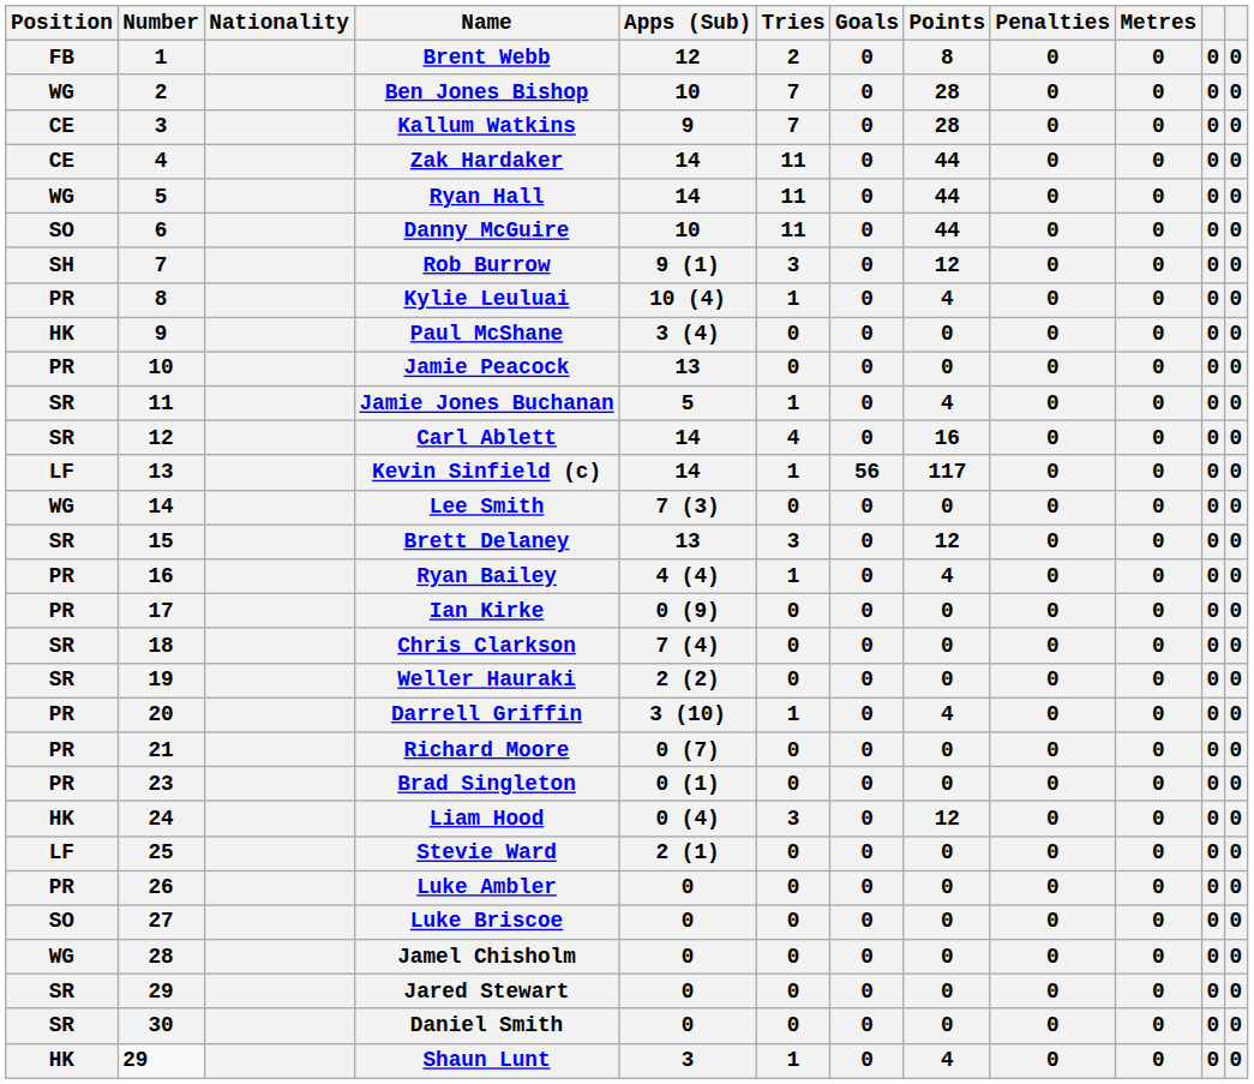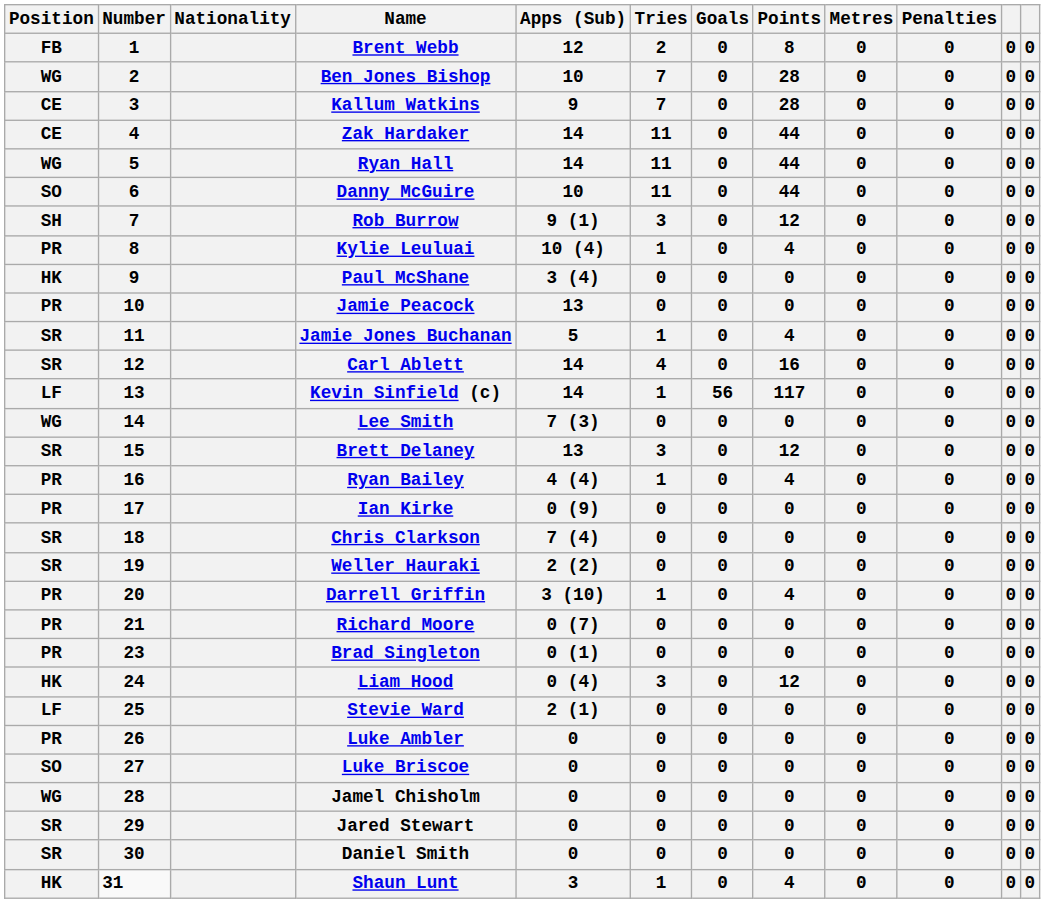 <table class="wikitable">
 <tr>
 <th>Position</th>
 <th>Number</th>
 <th>Nationality</th>
 <th>Name</th>
 <th>Apps (Sub)</th>
 <th>Tries</th>
 <th>Goals</th>
 <th>Points</th>
+<th>Metres</th>
 <th>Penalties</th>
-<th>Metres</th>
 <th></th>
 <th></th>
 </tr>
 <tr>
 <th>FB</th>
 <th><strong>1</strong></th>
 <th></th>
 <th><a href='#'>Brent Webb</a></th>
 <th>12</th>
 <th>2</th>
 <th>0</th>
 <th>8</th>
 <th>0</th>
 <th>0</th>
 <th>0</th>
 <th>0</th>
 </tr>
 <tr>
 <th>WG</th>
 <th><strong>2</strong></th>
 <th></th>
 <th><a href='#'>Ben Jones Bishop</a></th>
 <th>10</th>
 <th>7</th>
 <th>0</th>
 <th>28</th>
 <th>0</th>
 <th>0</th>
 <th>0</th>
 <th>0</th>
 </tr>
 <tr>
 <th>CE</th>
 <th><strong>3</strong></th>
 <th></th>
 <th><a href='#'>Kallum Watkins</a></th>
 <th>9</th>
 <th>7</th>
 <th>0</th>
 <th>28</th>
 <th>0</th>
 <th>0</th>
 <th>0</th>
 <th>0</th>
 </tr>
 <tr>
 <th>CE</th>
 <th><strong>4</strong></th>
 <th></th>
 <th><a href='#'>Zak Hardaker</a></th>
 <th>14</th>
 <th>11</th>
 <th>0</th>
 <th>44</th>
 <th>0</th>
 <th>0</th>
 <th>0</th>
 <th>0</th>
 </tr>
 <tr>
 <th>WG</th>
 <th><strong>5</strong></th>
 <th></th>
 <th><a href='#'>Ryan Hall</a></th>
 <th>14</th>
 <th>11</th>
 <th>0</th>
 <th>44</th>
 <th>0</th>
 <th>0</th>
 <th>0</th>
 <th>0</th>
 </tr>
 <tr>
 <th>SO</th>
 <th><strong>6</strong></th>
 <th></th>
 <th><a href='#'>Danny McGuire</a></th>
 <th>10</th>
 <th>11</th>
 <th>0</th>
 <th>44</th>
 <th>0</th>
 <th>0</th>
 <th>0</th>
 <th>0</th>
 </tr>
 <tr>
 <th>SH</th>
 <th><strong>7</strong></th>
 <th></th>
 <th><a href='#'>Rob Burrow</a></th>
 <th>9 (1)</th>
 <th>3</th>
 <th>0</th>
 <th>12</th>
 <th>0</th>
 <th>0</th>
 <th>0</th>
 <th>0</th>
 </tr>
 <tr>
 <th>PR</th>
 <th><strong>8</strong></th>
 <th></th>
 <th><a href='#'>Kylie Leuluai</a></th>
 <th>10 (4)</th>
 <th>1</th>
 <th>0</th>
 <th>4</th>
 <th>0</th>
 <th>0</th>
 <th>0</th>
 <th>0</th>
 </tr>
 <tr>
 <th>HK</th>
 <th><strong>9</strong></th>
 <th></th>
 <th><a href='#'>Paul McShane</a></th>
 <th>3 (4)</th>
 <th>0</th>
 <th>0</th>
 <th>0</th>
 <th>0</th>
 <th>0</th>
 <th>0</th>
 <th>0</th>
 </tr>
 <tr>
 <th>PR</th>
 <th><strong>10</strong></th>
 <th></th>
 <th><a href='#'>Jamie Peacock</a></th>
 <th>13</th>
 <th>0</th>
 <th>0</th>
 <th>0</th>
 <th>0</th>
 <th>0</th>
 <th>0</th>
 <th>0</th>
 </tr>
 <tr>
 <th>SR</th>
 <th><strong>11</strong></th>
 <th></th>
 <th><a href='#'>Jamie Jones Buchanan</a></th>
 <th>5</th>
 <th>1</th>
 <th>0</th>
 <th>4</th>
 <th>0</th>
 <th>0</th>
 <th>0</th>
 <th>0</th>
 </tr>
 <tr>
 <th>SR</th>
 <th><strong>12</strong></th>
 <th></th>
 <th><a href='#'>Carl Ablett</a></th>
 <th>14</th>
 <th>4</th>
 <th>0</th>
 <th>16</th>
 <th>0</th>
 <th>0</th>
 <th>0</th>
 <th>0</th>
 </tr>
 <tr>
 <th>LF</th>
 <th><strong>13</strong></th>
 <th></th>
 <th><a href='#'>Kevin Sinfield</a> (c)</th>
 <th>14</th>
 <th>1</th>
 <th>56</th>
 <th>117</th>
 <th>0</th>
 <th>0</th>
 <th>0</th>
 <th>0</th>
 </tr>
 <tr>
 <th>WG</th>
 <th><strong>14</strong></th>
 <th></th>
 <th><a href='#'>Lee Smith</a></th>
 <th>7 (3)</th>
 <th>0</th>
 <th>0</th>
 <th>0</th>
 <th>0</th>
 <th>0</th>
 <th>0</th>
 <th>0</th>
 </tr>
 <tr>
 <th>SR</th>
 <th><strong>15</strong></th>
 <th></th>
 <th><a href='#'>Brett Delaney</a></th>
 <th>13</th>
 <th>3</th>
 <th>0</th>
 <th>12</th>
 <th>0</th>
 <th>0</th>
 <th>0</th>
 <th>0</th>
 </tr>
 <tr>
 <th>PR</th>
 <th><strong>16</strong></th>
 <th></th>
 <th><a href='#'>Ryan Bailey</a></th>
 <th>4 (4)</th>
 <th>1</th>
 <th>0</th>
 <th>4</th>
 <th>0</th>
 <th>0</th>
 <th>0</th>
 <th>0</th>
 </tr>
 <tr>
 <th>PR</th>
 <th><strong>17</strong></th>
 <th></th>
 <th><a href='#'>Ian Kirke</a></th>
 <th>0 (9)</th>
 <th>0</th>
 <th>0</th>
 <th>0</th>
 <th>0</th>
 <th>0</th>
 <th>0</th>
 <th>0</th>
 </tr>
 <tr>
 <th>SR</th>
 <th><strong>18</strong></th>
 <th></th>
 <th><a href='#'>Chris Clarkson</a></th>
 <th>7 (4)</th>
 <th>0</th>
 <th>0</th>
 <th>0</th>
 <th>0</th>
 <th>0</th>
 <th>0</th>
 <th>0</th>
 </tr>
 <tr>
 <th>SR</th>
 <th><strong>19</strong></th>
 <th></th>
 <th><a href='#'>Weller Hauraki</a></th>
 <th>2 (2)</th>
 <th>0</th>
 <th>0</th>
 <th>0</th>
 <th>0</th>
 <th>0</th>
 <th>0</th>
 <th>0</th>
 </tr>
 <tr>
 <th>PR</th>
 <th><strong>20</strong></th>
 <th></th>
 <th><a href='#'>Darrell Griffin</a></th>
 <th>3 (10)</th>
 <th>1</th>
 <th>0</th>
 <th>4</th>
 <th>0</th>
 <th>0</th>
 <th>0</th>
 <th>0</th>
 </tr>
 <tr>
 <th>PR</th>
 <th><strong>21</strong></th>
 <th></th>
 <th><a href='#'>Richard Moore</a></th>
 <th>0 (7)</th>
 <th>0</th>
 <th>0</th>
 <th>0</th>
 <th>0</th>
 <th>0</th>
 <th>0</th>
 <th>0</th>
 </tr>
 <tr>
 <th>PR</th>
 <th><strong>23</strong></th>
 <th></th>
 <th><a href='#'>Brad Singleton</a></th>
 <th>0 (1)</th>
 <th>0</th>
 <th>0</th>
 <th>0</th>
 <th>0</th>
 <th>0</th>
 <th>0</th>
 <th>0</th>
 </tr>
 <tr>
 <th>HK</th>
 <th><strong>24</strong></th>
 <th></th>
 <th><a href='#'>Liam Hood</a></th>
 <th>0 (4)</th>
 <th>3</th>
 <th>0</th>
 <th>12</th>
 <th>0</th>
 <th>0</th>
 <th>0</th>
 <th>0</th>
 </tr>
 <tr>
 <th>LF</th>
 <th><strong>25</strong></th>
 <th></th>
 <th><a href='#'>Stevie Ward</a></th>
 <th>2 (1)</th>
 <th>0</th>
 <th>0</th>
 <th>0</th>
 <th>0</th>
 <th>0</th>
 <th>0</th>
 <th>0</th>
 </tr>
 <tr>
 <th>PR</th>
 <th><strong>26</strong></th>
 <th></th>
 <th><a href='#'>Luke Ambler</a></th>
 <th>0</th>
 <th>0</th>
 <th>0</th>
 <th>0</th>
 <th>0</th>
 <th>0</th>
 <th>0</th>
 <th>0</th>
 </tr>
 <tr>
 <th>SO</th>
 <th><strong>27</strong></th>
 <th></th>
 <th><a href='#'>Luke Briscoe</a></th>
 <th>0</th>
 <th>0</th>
 <th>0</th>
 <th>0</th>
 <th>0</th>
 <th>0</th>
 <th>0</th>
 <th>0</th>
 </tr>
 <tr>
 <th>WG</th>
 <th><strong>28</strong></th>
 <th></th>
 <th>Jamel Chisholm</th>
 <th>0</th>
 <th>0</th>
 <th>0</th>
 <th>0</th>
 <th>0</th>
 <th>0</th>
 <th>0</th>
 <th>0</th>
 </tr>
 <tr>
 <th>SR</th>
 <th><strong>29</strong></th>
 <th></th>
 <th>Jared Stewart</th>
 <th>0</th>
 <th>0</th>
 <th>0</th>
 <th>0</th>
 <th>0</th>
 <th>0</th>
 <th>0</th>
 <th>0</th>
 </tr>
 <tr>
 <th>SR</th>
 <th><strong>30</strong></th>
 <th></th>
 <th>Daniel Smith</th>
 <th>0</th>
 <th>0</th>
 <th>0</th>
 <th>0</th>
 <th>0</th>
 <th>0</th>
 <th>0</th>
 <th>0</th>
 </tr>
 <tr>
 <th>HK</th>
-<td><strong>29</strong></td>
+<td><strong>31</strong></td>
 <th></th>
 <th><a href='#'>Shaun Lunt</a></th>
 <th>3</th>
 <th>1</th>
 <th>0</th>
 <th>4</th>
 <th>0</th>
 <th>0</th>
 <th>0</th>
 <th>0</th>
 </tr>
 </table>
